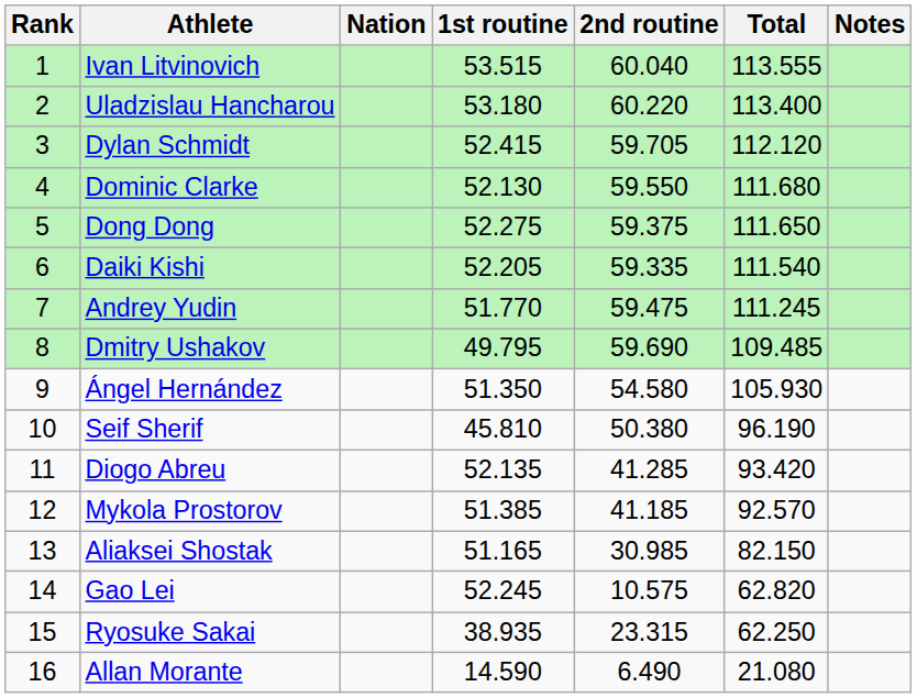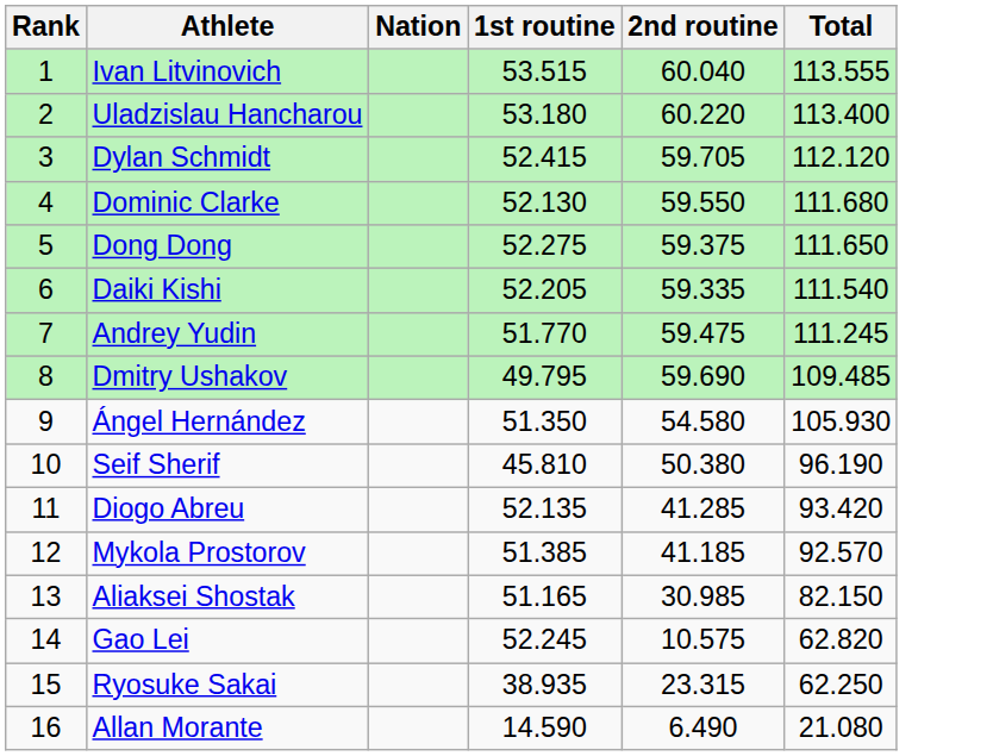 <table class="wikitable sortable" style="text-align:center;">
 <tr>
 <th>Rank</th>
 <th>Athlete</th>
 <th>Nation</th>
 <th>1st routine</th>
 <th>2nd routine</th>
 <th>Total</th>
-<th>Notes</th>
 </tr>
 <tr bgcolor=#bbf3bb>
 <td>1</td>
 <td align=left><a href='#'>Ivan Litvinovich</a></td>
 <td align=left></td>
 <td>53.515</td>
 <td>60.040</td>
 <td>113.555</td>
-<td></td>
 </tr>
 <tr bgcolor=#bbf3bb>
 <td>2</td>
 <td align=left><a href='#'>Uladzislau Hancharou</a></td>
 <td align=left></td>
 <td>53.180</td>
 <td>60.220</td>
 <td>113.400</td>
-<td></td>
 </tr>
 <tr bgcolor=#bbf3bb>
 <td>3</td>
 <td align=left><a href='#'>Dylan Schmidt</a></td>
 <td align=left></td>
 <td>52.415</td>
 <td>59.705</td>
 <td>112.120</td>
-<td></td>
 </tr>
 <tr bgcolor=#bbf3bb>
 <td>4</td>
 <td align=left><a href='#'>Dominic Clarke</a></td>
 <td align=left></td>
 <td>52.130</td>
 <td>59.550</td>
 <td>111.680</td>
-<td></td>
 </tr>
 <tr bgcolor=#bbf3bb>
 <td>5</td>
 <td align=left><a href='#'>Dong Dong</a></td>
 <td align=left></td>
 <td>52.275</td>
 <td>59.375</td>
 <td>111.650</td>
-<td></td>
 </tr>
 <tr bgcolor=#bbf3bb>
 <td>6</td>
 <td align=left><a href='#'>Daiki Kishi</a></td>
 <td align=left></td>
 <td>52.205</td>
 <td>59.335</td>
 <td>111.540</td>
-<td></td>
 </tr>
 <tr bgcolor=#bbf3bb>
 <td>7</td>
 <td align=left><a href='#'>Andrey Yudin</a></td>
 <td align=left></td>
 <td>51.770</td>
 <td>59.475</td>
 <td>111.245</td>
-<td></td>
 </tr>
 <tr bgcolor=#bbf3bb>
 <td>8</td>
 <td align=left><a href='#'>Dmitry Ushakov</a></td>
 <td align=left></td>
 <td>49.795</td>
 <td>59.690</td>
 <td>109.485</td>
-<td></td>
 </tr>
 <tr>
 <td>9</td>
 <td align=left><a href='#'>Ángel Hernández</a></td>
 <td align=left></td>
 <td>51.350</td>
 <td>54.580</td>
 <td>105.930</td>
-<td></td>
 </tr>
 <tr>
 <td>10</td>
 <td align=left><a href='#'>Seif Sherif</a></td>
 <td align=left></td>
 <td>45.810</td>
 <td>50.380</td>
 <td>96.190</td>
-<td></td>
 </tr>
 <tr>
 <td>11</td>
 <td align=left><a href='#'>Diogo Abreu</a></td>
 <td align=left></td>
 <td>52.135</td>
 <td>41.285</td>
 <td>93.420</td>
-<td></td>
 </tr>
 <tr>
 <td>12</td>
 <td align=left><a href='#'>Mykola Prostorov</a></td>
 <td align=left></td>
 <td>51.385</td>
 <td>41.185</td>
 <td>92.570</td>
-<td></td>
 </tr>
 <tr>
 <td>13</td>
 <td align=left><a href='#'>Aliaksei Shostak</a></td>
 <td align=left></td>
 <td>51.165</td>
 <td>30.985</td>
 <td>82.150</td>
-<td></td>
 </tr>
 <tr>
 <td>14</td>
 <td align=left><a href='#'>Gao Lei</a></td>
 <td align=left></td>
 <td>52.245</td>
 <td>10.575</td>
 <td>62.820</td>
-<td></td>
 </tr>
 <tr>
 <td>15</td>
 <td align=left><a href='#'>Ryosuke Sakai</a></td>
 <td align=left></td>
 <td>38.935</td>
 <td>23.315</td>
 <td>62.250</td>
-<td></td>
 </tr>
 <tr>
 <td>16</td>
 <td align=left><a href='#'>Allan Morante</a></td>
 <td align=left></td>
 <td>14.590</td>
 <td>6.490</td>
 <td>21.080</td>
-<td></td>
 </tr>
 </table>
